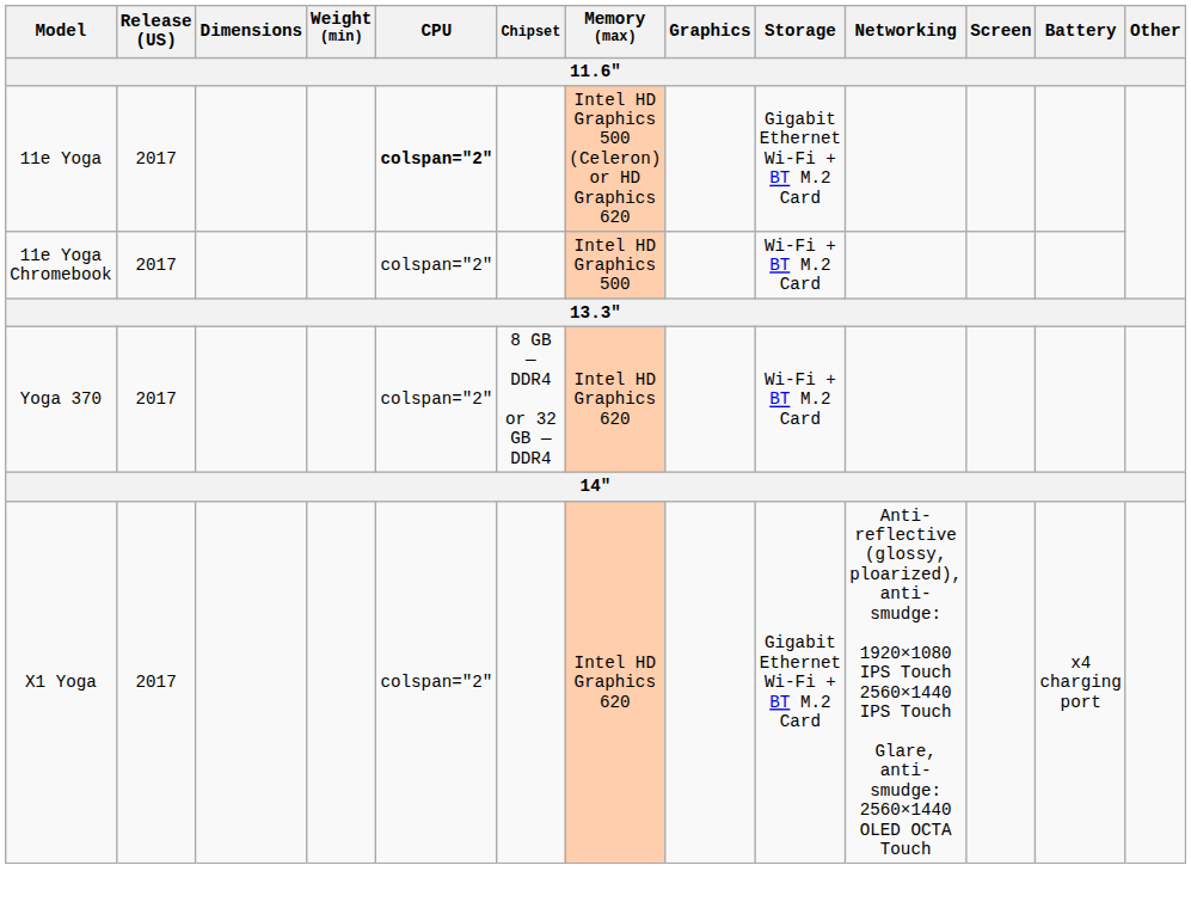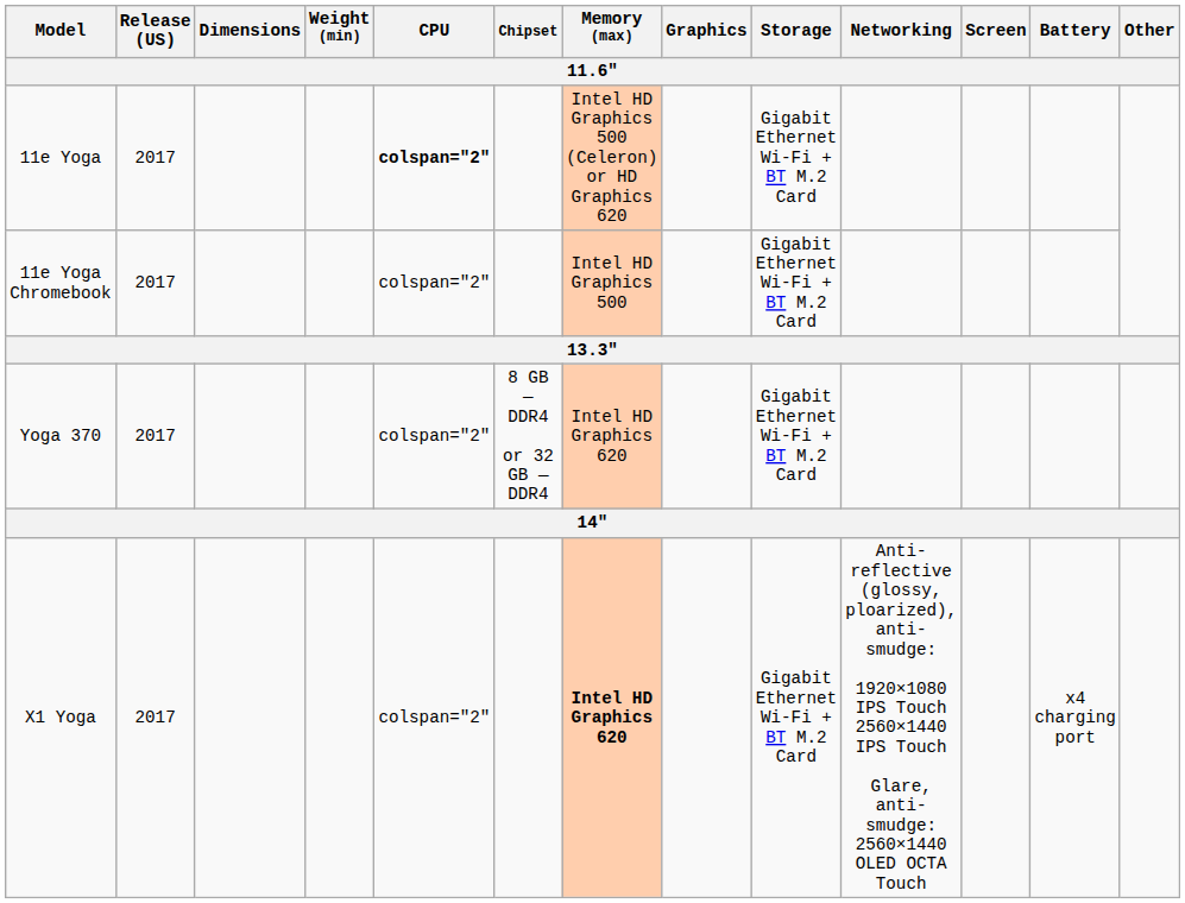 <table class="wikitable" style="font-size: 80%; text-align: center; min-width: 80%;">
 <tr>
 <th>Model</th>
 <th>Release (US)</th>
 <th>Dimensions</th>
 <th>Weight <sup>(min)</sup></th>
 <th style="width:17%">CPU</th>
 <th><small>Chipset</small></th>
 <th>Memory <sup>(max)</sup></th>
 <th>Graphics</th>
 <th>Storage</th>
 <th>Networking</th>
 <th>Screen</th>
 <th>Battery</th>
 <th>Other</th>
 </tr>
 <tr>
 <th colspan=13>11.6"</th>
 </tr>
 <tr>
 <td>11e Yoga </td>
 <td>2017</td>
 <td></td>
 <td></td>
 <td><strong>colspan="2" </strong></td>
 <td></td>
 <td style="background:#ffcead;">Intel HD Graphics 500 (Celeron) <br>or  HD Graphics 620</td>
 <td></td>
 <td>Gigabit Ethernet<br>Wi-Fi + <a href='#'>BT</a> M.2 Card</td>
 <td></td>
 <td></td>
 <td><br></td>
 </tr>
 <tr>
 <td>11e Yoga Chromebook </td>
 <td>2017</td>
 <td></td>
 <td></td>
 <td>colspan="2" </td>
 <td></td>
 <td style="background:#ffcead;">Intel HD Graphics 500</td>
 <td></td>
-<td>Wi-Fi + <a href='#'>BT</a> M.2 Card</td>
+<td> Gigabit Ethernet<br>Wi-Fi + <a href='#'>BT</a> M.2 Card<br><small></small></td>
 <td></td>
 <td></td>
 <td><br></td>
 </tr>
 <tr>
 <th colspan=13>13.3"</th>
 </tr>
 <tr>
 <td>Yoga 370</td>
 <td>2017</td>
 <td></td>
 <td></td>
 <td>colspan="2" </td>
 <td {{safe>8 GB — DDR4  <br><br>or 32 GB — DDR4  <br></td>
 <td style="background:#ffcead;">Intel HD Graphics 620</td>
 <td></td>
-<td>Wi-Fi + <a href='#'>BT</a> M.2 Card</td>
+<td> Gigabit Ethernet<br>Wi-Fi + <a href='#'>BT</a> M.2 Card<br><small></small></td>
 <td></td>
 <td></td>
 <td></td>
 </tr>
 <tr>
 <th colspan=13>14"</th>
 </tr>
 <tr>
 <td>X1 Yoga </td>
 <td>2017</td>
 <td></td>
 <td></td>
 <td>colspan="2" </td>
 <td></td>
-<td style="background:#ffcead;">Intel HD Graphics 620</td>
+<td style="background:#ffcead;"><strong>Intel HD Graphics 620</strong></td>
 <td></td>
 <td> Gigabit Ethernet<br>Wi-Fi + <a href='#'>BT</a> M.2 Card<br><small></small></td>
 <td style="background:">Anti-reflective (glossy, ploarized), anti-smudge: <br><br>1920×1080 IPS Touch<br> 2560×1440 IPS Touch<br><br> Glare, anti-smudge: <br> 2560×1440 OLED OCTA Touch</td>
 <td></td>
 <td> x4<br> charging port</td>
 </tr>
 </table>
